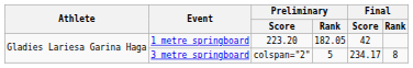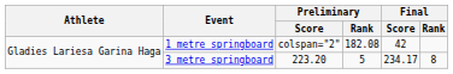 <table class="wikitable" style="font-size:90%;text-align:center">
 <tr>
 <th rowspan="2">Athlete</th>
 <th rowspan="2">Event</th>
 <th colspan="2">Preliminary</th>
 <th colspan="2">Final</th>
 </tr>
 <tr>
 <th>Score</th>
 <th>Rank</th>
 <th>Score</th>
 <th>Rank</th>
 </tr>
 <tr>
 <td rowspan="2" align="left">Gladies Lariesa Garina Haga</td>
 <td align="left"><a href='#'>1 metre springboard</a></td>
-<td>223.20</td>
-<td>182.05</td>
+<td>colspan="2" </td>
+<td>182.08</td>
 <td>42</td>
 </tr>
 <tr>
 <td align="left"><a href='#'>3 metre springboard</a></td>
-<td>colspan="2" </td>
+<td>223.20</td>
 <td>5</td>
 <td>234.17</td>
 <td>8</td>
 </tr>
 </table>
